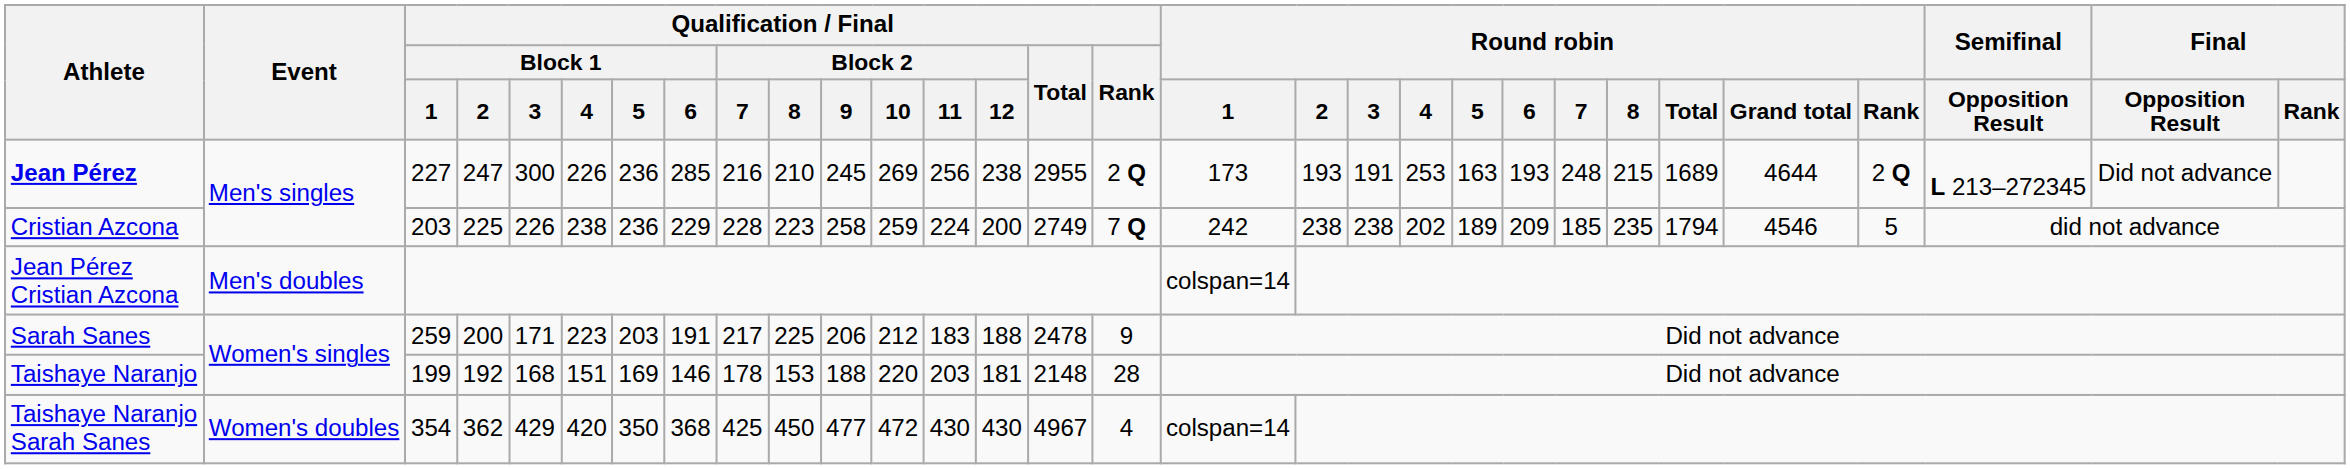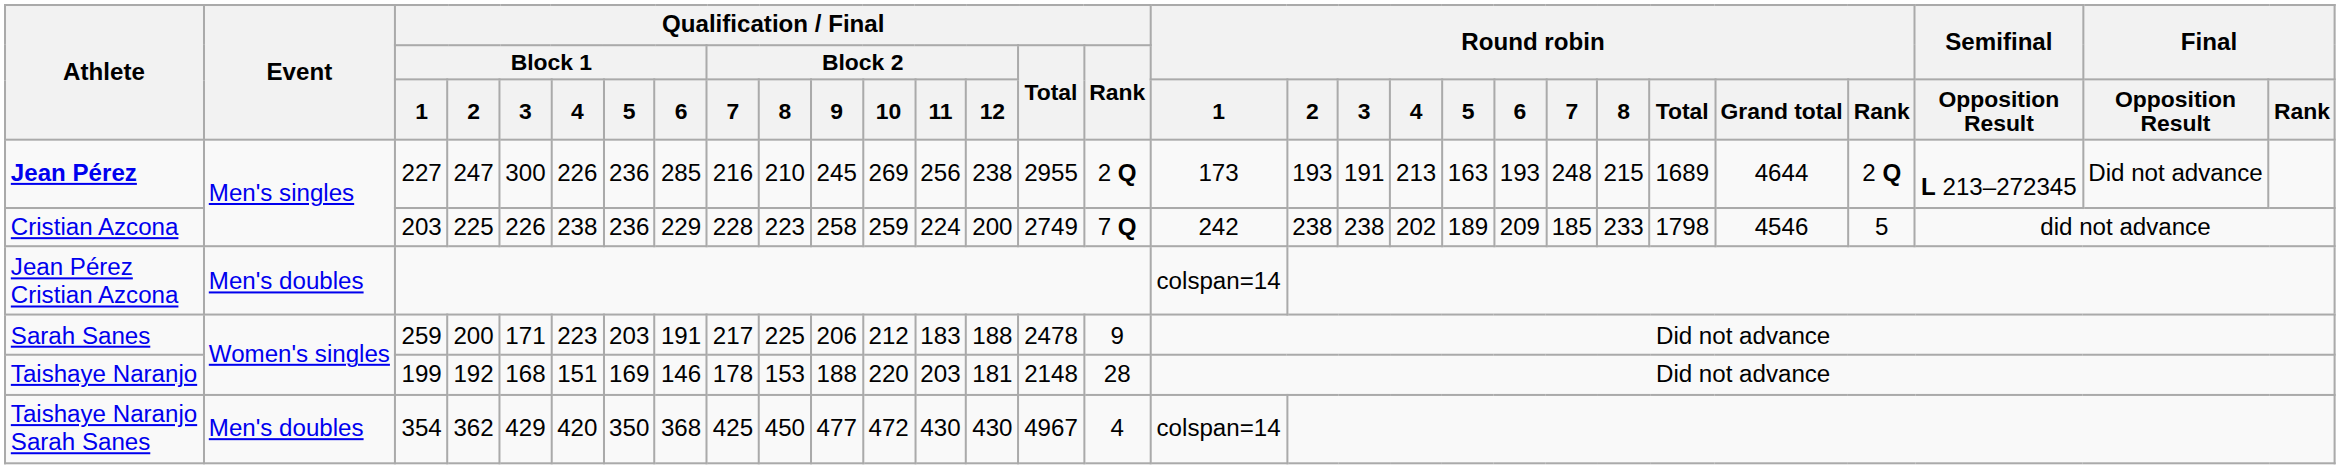 <table class=wikitable style=font-size:75%;text-align:center>
 <tr>
 <th rowspan=3>Athlete</th>
 <th rowspan=3>Event</th>
 <th colspan=14>Qualification / Final</th>
 <th colspan=11 rowspan=2>Round robin</th>
 <th rowspan=2>Semifinal</th>
 <th rowspan=2 colspan=2>Final</th>
 </tr>
 <tr style=font-size:95%>
 <th colspan=6>Block 1</th>
 <th colspan=6>Block 2</th>
 <th rowspan=2>Total</th>
 <th rowspan=2>Rank</th>
 </tr>
 <tr style=font-size:95%>
 <th>1</th>
 <th>2</th>
 <th>3</th>
 <th>4</th>
 <th>5</th>
 <th>6</th>
 <th>7</th>
 <th>8</th>
 <th>9</th>
 <th>10</th>
 <th>11</th>
 <th>12</th>
 <th>1</th>
 <th>2</th>
 <th>3</th>
 <th>4</th>
 <th>5</th>
 <th>6</th>
 <th>7</th>
 <th>8</th>
 <th>Total</th>
 <th>Grand total</th>
 <th>Rank</th>
 <th>Opposition<br>Result</th>
 <th>Opposition<br>Result</th>
 <th>Rank</th>
 </tr>
 <tr>
 <td align=left><strong><a href='#'>Jean Pérez</a></strong></td>
 <td align=left rowspan=2><a href='#'>Men's singles</a></td>
 <td>227</td>
 <td>247</td>
 <td>300</td>
 <td>226</td>
 <td>236</td>
 <td>285</td>
 <td>216</td>
 <td>210</td>
 <td>245</td>
 <td>269</td>
 <td>256</td>
 <td>238</td>
 <td>2955</td>
 <td>2 <strong>Q</strong></td>
 <td>173</td>
 <td>193</td>
 <td>191</td>
-<td>253</td>
+<td>213</td>
 <td>163</td>
 <td>193</td>
 <td>248</td>
 <td>215</td>
 <td>1689</td>
 <td>4644</td>
 <td>2 <strong>Q</strong></td>
 <td><br><strong>L</strong> 213–272345</td>
 <td>Did not advance</td>
 <td></td>
 </tr>
 <tr>
 <td align=left><a href='#'>Cristian Azcona</a></td>
 <td>203</td>
 <td>225</td>
 <td>226</td>
 <td>238</td>
 <td>236</td>
 <td>229</td>
 <td>228</td>
 <td>223</td>
 <td>258</td>
 <td>259</td>
 <td>224</td>
 <td>200</td>
 <td>2749</td>
 <td>7 <strong>Q</strong></td>
 <td>242</td>
 <td>238</td>
 <td>238</td>
 <td>202</td>
 <td>189</td>
 <td>209</td>
 <td>185</td>
-<td>235</td>
-<td>1794</td>
+<td>233</td>
+<td>1798</td>
 <td>4546</td>
 <td>5</td>
 <td colspan=3>did not advance</td>
 </tr>
 <tr>
 <td align=left><a href='#'>Jean Pérez</a><br><a href='#'>Cristian Azcona</a></td>
 <td align=left><a href='#'>Men's doubles</a></td>
 <td colspan=14></td>
 <td>colspan=14 </td>
 </tr>
 <tr>
 <td align=left><a href='#'>Sarah Sanes</a></td>
 <td align=left rowspan=2><a href='#'>Women's singles</a></td>
 <td>259</td>
 <td>200</td>
 <td>171</td>
 <td>223</td>
 <td>203</td>
 <td>191</td>
 <td>217</td>
 <td>225</td>
 <td>206</td>
 <td>212</td>
 <td>183</td>
 <td>188</td>
 <td>2478</td>
 <td>9</td>
 <td colspan=14>Did not advance</td>
 </tr>
 <tr>
 <td align=left><a href='#'>Taishaye Naranjo</a></td>
 <td>199</td>
 <td>192</td>
 <td>168</td>
 <td>151</td>
 <td>169</td>
 <td>146</td>
 <td>178</td>
 <td>153</td>
 <td>188</td>
 <td>220</td>
 <td>203</td>
 <td>181</td>
 <td>2148</td>
 <td>28</td>
 <td colspan=14>Did not advance</td>
 </tr>
 <tr>
 <td align=left><a href='#'>Taishaye Naranjo</a><br><a href='#'>Sarah Sanes</a></td>
-<td align=left><a href='#'>Women's doubles</a></td>
+<td align=left><a href='#'>Men's doubles</a></td>
 <td>354</td>
 <td>362</td>
 <td>429</td>
 <td>420</td>
 <td>350</td>
 <td>368</td>
 <td>425</td>
 <td>450</td>
 <td>477</td>
 <td>472</td>
 <td>430</td>
 <td>430</td>
 <td>4967</td>
 <td>4</td>
 <td>colspan=14 </td>
 </tr>
 </table>
